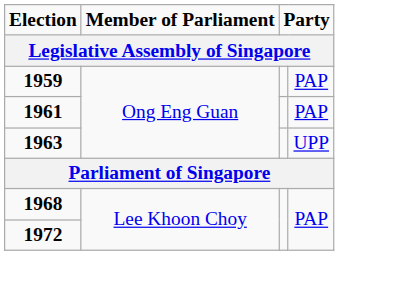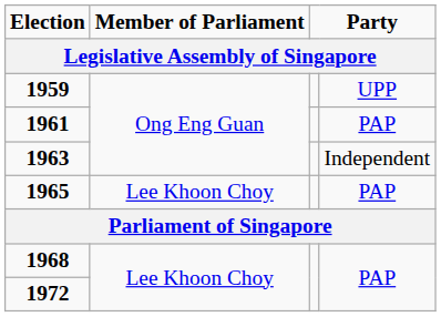 <table class="wikitable" align="center" style="text-align:center">
 <tr>
 <td><strong>Election </strong></td>
 <td><strong>Member of Parliament</strong></td>
 <td colspan="2"><strong>Party</strong></td>
 </tr>
 <tr>
 <th colspan="4"><a href='#'>Legislative Assembly of Singapore</a></th>
 </tr>
 <tr>
 <td><strong>1959</strong></td>
 <td rowspan="3"><a href='#'>Ong Eng Guan</a></td>
 <td></td>
-<td><a href='#'>PAP</a></td>
+<td><a href='#'>UPP</a></td>
 </tr>
 <tr>
 <td><strong>1961</strong></td>
 <td></td>
 <td><a href='#'>PAP</a></td>
 </tr>
 <tr>
 <td><strong>1963</strong></td>
 <td></td>
-<td><a href='#'>UPP</a></td>
+<td>Independent</td>
+</tr>
+<tr>
+<td><strong>1965</strong></td>
+<td><a href='#'>Lee Khoon Choy</a></td>
+<td rowspan="1"></td>
+<td><a href='#'>PAP</a></td>
 </tr>
 <tr>
 <th colspan="4"><a href='#'>Parliament of Singapore</a></th>
 </tr>
 <tr>
 <td><strong>1968</strong></td>
 <td rowspan="2"><a href='#'>Lee Khoon Choy</a></td>
 <td rowspan="2"></td>
 <td rowspan="2"><a href='#'>PAP</a></td>
 </tr>
 <tr>
 <td><strong>1972</strong></td>
 </tr>
 </table>
